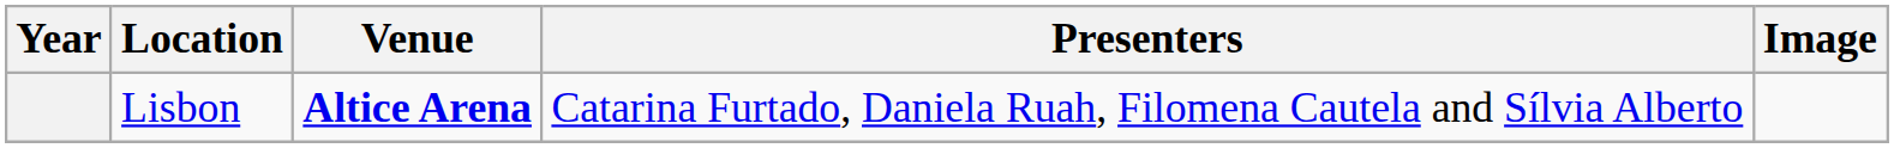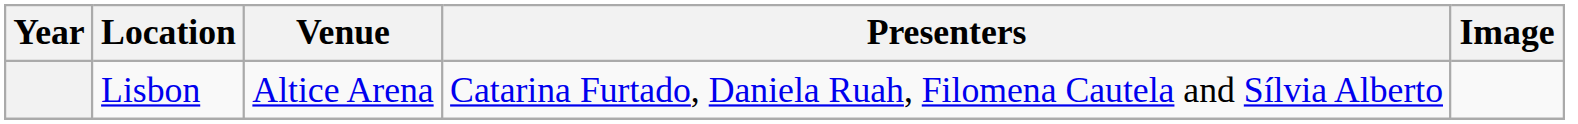 <table class="wikitable plainrowheaders">
 <tr>
 <th>Year</th>
 <th>Location</th>
 <th>Venue</th>
 <th>Presenters</th>
 <th>Image</th>
 </tr>
 <tr>
 <th scope="row"></th>
 <td><a href='#'>Lisbon</a></td>
-<td><strong><a href='#'>Altice Arena</a></strong></td>
+<td><a href='#'>Altice Arena</a></td>
 <td><a href='#'>Catarina Furtado</a>, <a href='#'>Daniela Ruah</a>, <a href='#'>Filomena Cautela</a> and <a href='#'>Sílvia Alberto</a></td>
 <td></td>
 </tr>
 <tr>
 </tr>
 </table>
